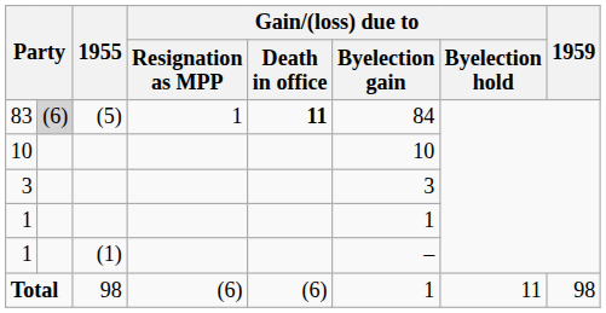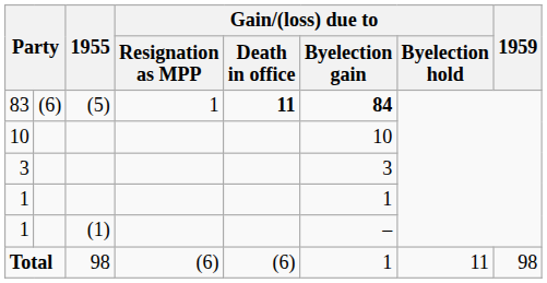 <table class="wikitable" style="text-align:right">
 <tr>
 <th rowspan="2" colspan="2">Party</th>
 <th rowspan="2">1955</th>
 <th colspan="4">Gain/(loss) due to</th>
 <th rowspan="2">1959</th>
 </tr>
 <tr>
 <th>Resignation<br>as MPP</th>
 <th>Death<br>in office</th>
 <th>Byelection<br>gain</th>
 <th>Byelection<br>hold</th>
 </tr>
 <tr>
 <td>83</td>
-<td style="background: lightgrey;">(6)</td>
+<td>(6)</td>
 <td>(5)</td>
 <td>1</td>
 <td><strong>11</strong></td>
-<td>84</td>
+<td><strong>84</strong></td>
 </tr>
 <tr>
 <td>10</td>
 <td></td>
 <td></td>
 <td></td>
 <td></td>
 <td>10</td>
 </tr>
 <tr>
 <td>3</td>
 <td></td>
 <td></td>
 <td></td>
 <td></td>
 <td>3</td>
 </tr>
 <tr>
 <td>1</td>
 <td></td>
 <td></td>
 <td></td>
 <td></td>
 <td>1</td>
 </tr>
 <tr>
 <td>1</td>
 <td></td>
 <td>(1)</td>
 <td></td>
 <td></td>
 <td>–</td>
 </tr>
 <tr>
 <td colspan="2" style="text-align:left;"><strong>Total</strong></td>
 <td>98</td>
 <td>(6)</td>
 <td>(6)</td>
 <td>1</td>
 <td>11</td>
 <td>98</td>
 </tr>
 </table>
